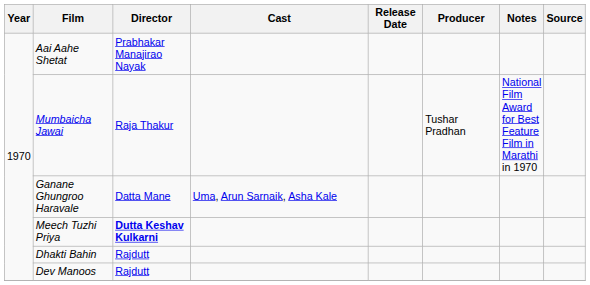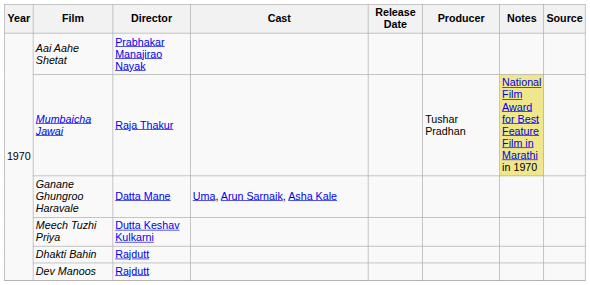 <table class ="wikitable sortable collapsible">
 <tr>
 <th style="width: 05%;">Year</th>
 <th style="width: 15%;">Film</th>
 <th style="width: 15%;">Director</th>
 <th style="width: 40%;" class="unsortable">Cast</th>
 <th style="width: 10%;">Release Date</th>
 <th style="width: 15%;" class="unsortable">Producer</th>
 <th style="width: 15%;" class="unsortable">Notes</th>
 <th style="width: 15%;" class="unsortable">Source</th>
 </tr>
 <tr>
 <td rowspan="6" align="center">1970</td>
 <td><em>Aai Aahe Shetat</em></td>
 <td><a href='#'>Prabhakar Manajirao Nayak</a></td>
 <td></td>
 <td></td>
 <td></td>
 <td></td>
 <td></td>
 </tr>
 <tr>
 <td><em><a href='#'>Mumbaicha Jawai</a></em></td>
 <td><a href='#'>Raja Thakur</a></td>
 <td></td>
 <td></td>
 <td>Tushar Pradhan</td>
-<td><a href='#'>National Film Award for Best Feature Film in Marathi</a> in 1970</td>
+<td style="background: khaki;"><a href='#'>National Film Award for Best Feature Film in Marathi</a> in 1970</td>
 <td></td>
 </tr>
 <tr>
 <td><em>Ganane Ghungroo Haravale</em></td>
 <td><a href='#'>Datta Mane</a></td>
 <td><a href='#'>Uma</a>, <a href='#'>Arun Sarnaik</a>, <a href='#'>Asha Kale</a></td>
 <td></td>
 <td></td>
 <td></td>
 <td></td>
 </tr>
 <tr>
 <td><em>Meech Tuzhi Priya</em></td>
-<td><strong><a href='#'>Dutta Keshav Kulkarni</a></strong></td>
+<td><a href='#'>Dutta Keshav Kulkarni</a></td>
 <td></td>
 <td></td>
 <td></td>
 <td></td>
 <td></td>
 </tr>
 <tr>
 <td><em>Dhakti Bahin</em></td>
 <td><a href='#'>Rajdutt</a></td>
 <td></td>
 <td></td>
 <td></td>
 <td></td>
 <td></td>
 </tr>
 <tr>
 <td><em>Dev Manoos</em></td>
 <td><a href='#'>Rajdutt</a></td>
 <td></td>
 <td></td>
 <td></td>
 <td></td>
 <td></td>
 </tr>
 <tr>
 </tr>
 </table>
